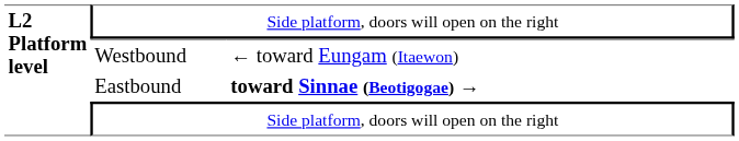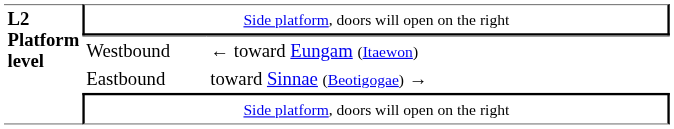 <table table border=0 cellspacing=0 cellpadding=3>
 <tr>
 <td style="border-top:solid 1px gray;border-bottom:solid 1px gray;" width=50 rowspan=10 valign=top><strong>L2<br>Platform level</strong></td>
 <td style="border-top:solid 1px gray;border-right:solid 2px black;border-left:solid 2px black;border-bottom:solid 2px black;text-align:center;" colspan=2><small><a href='#'>Side platform</a>, doors will open on the right </small></td>
 </tr>
 <tr>
 <td style="border-bottom:solid 0px gray;border-top:solid 1px gray;" width=100>Westbound</td>
 <td style="border-bottom:solid 0px gray;border-top:solid 1px gray;" width=390>←  toward <a href='#'>Eungam</a> <small>(<a href='#'>Itaewon</a>)</small></td>
 </tr>
 <tr>
 <td>Eastbound</td>
-<td><strong>  toward <a href='#'>Sinnae</a> <small>(<a href='#'>Beotigogae</a>)</small> →</strong></td>
+<td>  toward <a href='#'>Sinnae</a> <small>(<a href='#'>Beotigogae</a>)</small> →</td>
 </tr>
 <tr>
 <td style="border-top:solid 2px black;border-right:solid 2px black;border-left:solid 2px black;border-bottom:solid 1px gray;text-align:center;" colspan=2><small><a href='#'>Side platform</a>, doors will open on the right </small></td>
 </tr>
 </table>
